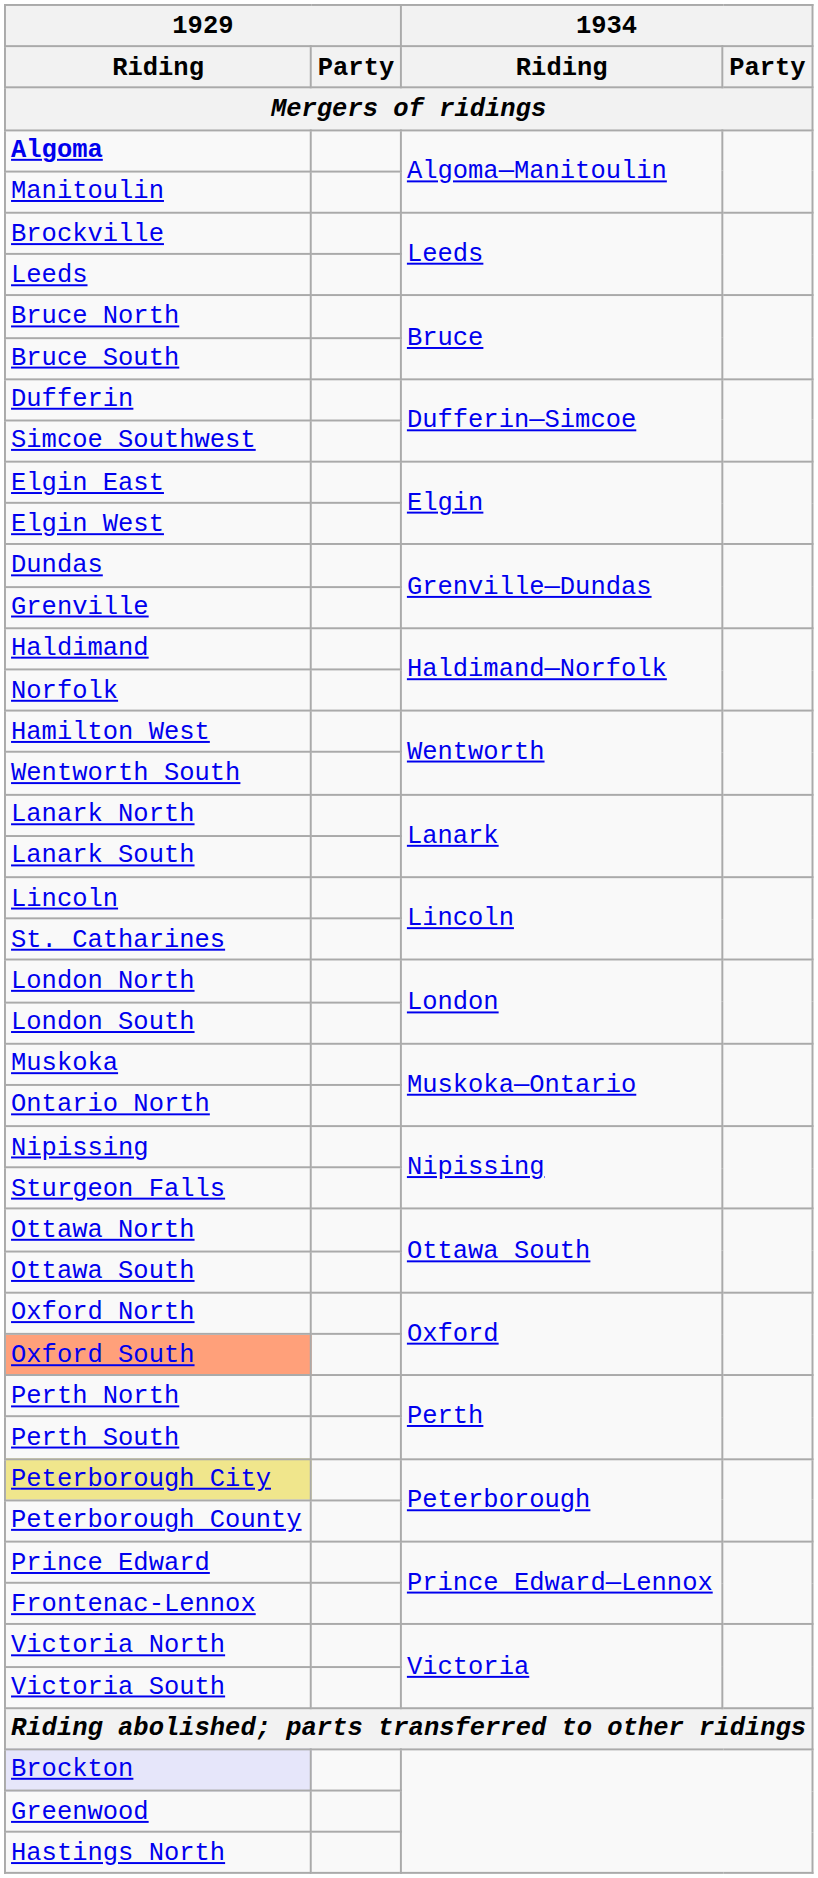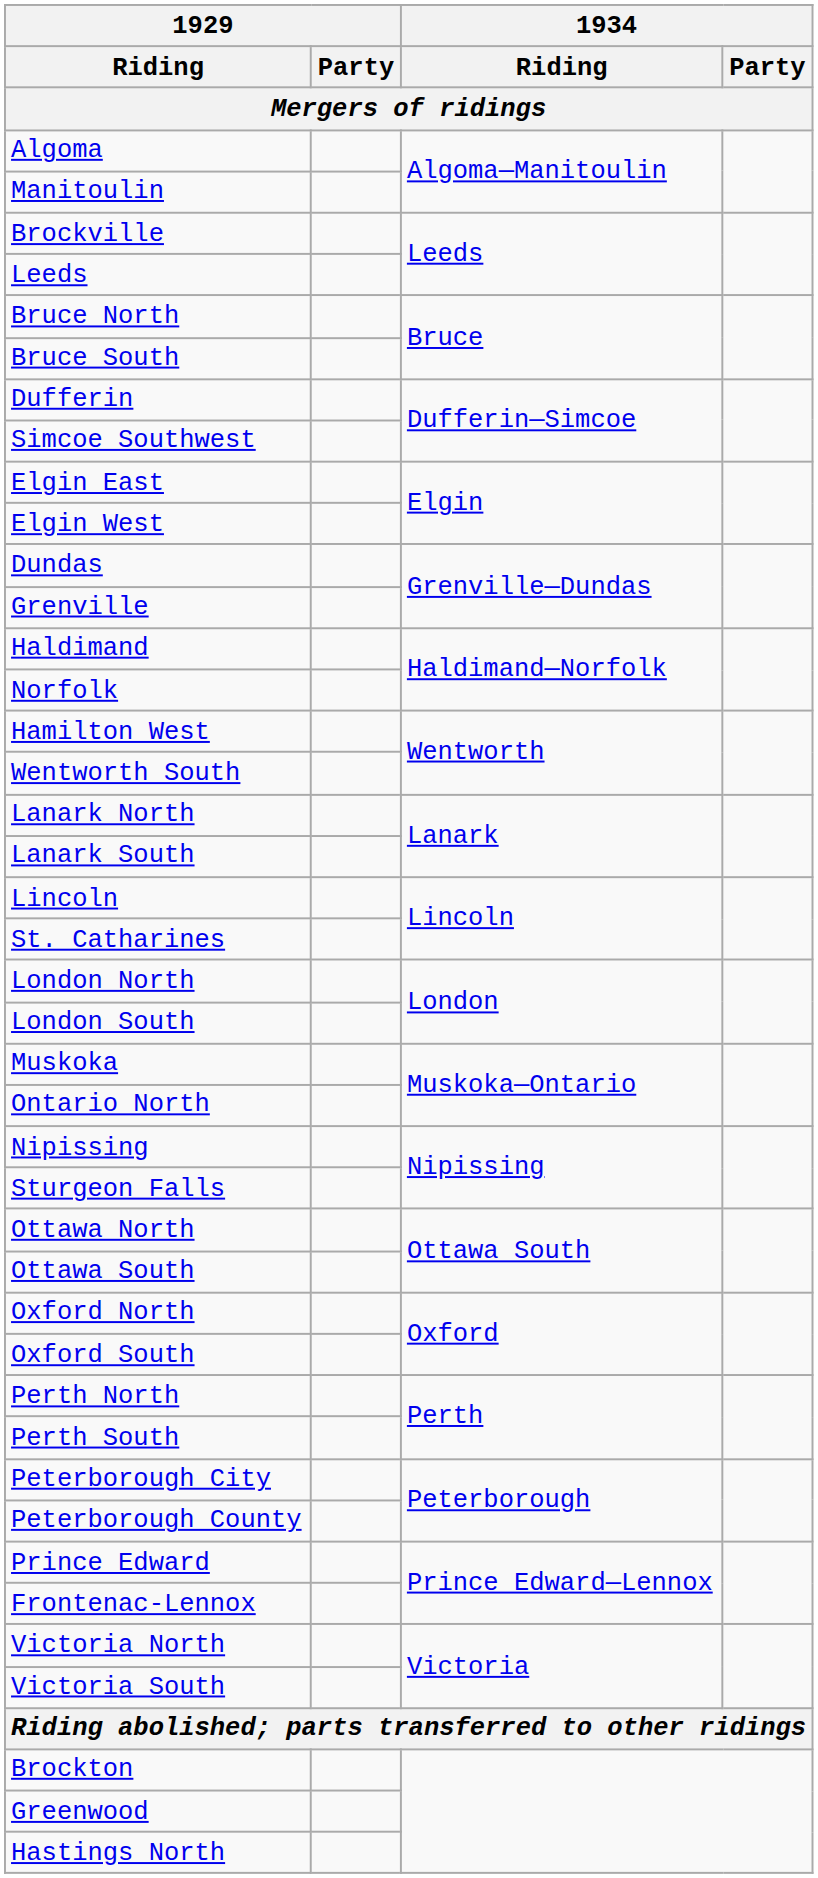 <table class="wikitable">
 <tr>
 <th colspan="2">1929</th>
 <th colspan="3">1934</th>
 </tr>
 <tr>
 <th>Riding</th>
 <th>Party</th>
 <th>Riding</th>
 <th>Party</th>
 </tr>
 <tr>
 <th colspan="4"><em>Mergers of ridings</em></th>
 </tr>
 <tr>
-<td><strong><a href='#'>Algoma</a></strong></td>
+<td><a href='#'>Algoma</a></td>
 <td></td>
 <td rowspan="2"><a href='#'>Algoma—Manitoulin</a></td>
 <td rowspan="2"></td>
 </tr>
 <tr>
 <td><a href='#'>Manitoulin</a></td>
 <td></td>
 </tr>
 <tr>
 <td><a href='#'>Brockville</a></td>
 <td></td>
 <td rowspan="2"><a href='#'>Leeds</a></td>
 <td rowspan="2"></td>
 </tr>
 <tr>
 <td><a href='#'>Leeds</a></td>
 <td></td>
 </tr>
 <tr>
 <td><a href='#'>Bruce North</a></td>
 <td></td>
 <td rowspan="2"><a href='#'>Bruce</a></td>
 <td rowspan="2"></td>
 </tr>
 <tr>
 <td><a href='#'>Bruce South</a></td>
 <td></td>
 </tr>
 <tr>
 <td><a href='#'>Dufferin</a></td>
 <td></td>
 <td rowspan="2"><a href='#'>Dufferin—Simcoe</a></td>
 <td rowspan="2"></td>
 </tr>
 <tr>
 <td><a href='#'>Simcoe Southwest</a></td>
 <td></td>
 </tr>
 <tr>
 <td><a href='#'>Elgin East</a></td>
 <td></td>
 <td rowspan="2"><a href='#'>Elgin</a></td>
 <td rowspan="2"></td>
 </tr>
 <tr>
 <td><a href='#'>Elgin West</a></td>
 <td></td>
 </tr>
 <tr>
 <td><a href='#'>Dundas</a></td>
 <td></td>
 <td rowspan="2"><a href='#'>Grenville—Dundas</a></td>
 <td rowspan="2"></td>
 </tr>
 <tr>
 <td><a href='#'>Grenville</a></td>
 <td></td>
 </tr>
 <tr>
 <td><a href='#'>Haldimand</a></td>
 <td></td>
 <td rowspan="2"><a href='#'>Haldimand—Norfolk</a></td>
 <td rowspan="2"></td>
 </tr>
 <tr>
 <td><a href='#'>Norfolk</a></td>
 <td></td>
 </tr>
 <tr>
 <td><a href='#'>Hamilton West</a></td>
 <td></td>
 <td rowspan="2"><a href='#'>Wentworth</a></td>
 <td rowspan="2"></td>
 </tr>
 <tr>
 <td><a href='#'>Wentworth South</a></td>
 <td></td>
 </tr>
 <tr>
 <td><a href='#'>Lanark North</a></td>
 <td></td>
 <td rowspan="2"><a href='#'>Lanark</a></td>
 <td rowspan="2"></td>
 </tr>
 <tr>
 <td><a href='#'>Lanark South</a></td>
 <td></td>
 </tr>
 <tr>
 <td><a href='#'>Lincoln</a></td>
 <td></td>
 <td rowspan="2"><a href='#'>Lincoln</a></td>
 <td rowspan="2"></td>
 </tr>
 <tr>
 <td><a href='#'>St. Catharines</a></td>
 <td></td>
 </tr>
 <tr>
 <td><a href='#'>London North</a></td>
 <td></td>
 <td rowspan="2"><a href='#'>London</a></td>
 <td rowspan="2"></td>
 </tr>
 <tr>
 <td><a href='#'>London South</a></td>
 <td></td>
 </tr>
 <tr>
 <td><a href='#'>Muskoka</a></td>
 <td></td>
 <td rowspan="2"><a href='#'>Muskoka—Ontario</a></td>
 <td rowspan="2"></td>
 </tr>
 <tr>
 <td><a href='#'>Ontario North</a></td>
 <td></td>
 </tr>
 <tr>
 <td><a href='#'>Nipissing</a></td>
 <td></td>
 <td rowspan="2"><a href='#'>Nipissing</a></td>
 <td rowspan="2"></td>
 </tr>
 <tr>
 <td><a href='#'>Sturgeon Falls</a></td>
 <td></td>
 </tr>
 <tr>
 <td><a href='#'>Ottawa North</a></td>
 <td></td>
 <td rowspan="2"><a href='#'>Ottawa South</a></td>
 <td rowspan="2"></td>
 </tr>
 <tr>
 <td><a href='#'>Ottawa South</a></td>
 <td></td>
 </tr>
 <tr>
 <td><a href='#'>Oxford North</a></td>
 <td></td>
 <td rowspan="2"><a href='#'>Oxford</a></td>
 <td rowspan="2"></td>
 </tr>
 <tr>
-<td style="background: lightsalmon;"><a href='#'>Oxford South</a></td>
+<td><a href='#'>Oxford South</a></td>
 <td></td>
 </tr>
 <tr>
 <td><a href='#'>Perth North</a></td>
 <td></td>
 <td rowspan="2"><a href='#'>Perth</a></td>
 <td rowspan="2"></td>
 </tr>
 <tr>
 <td><a href='#'>Perth South</a></td>
 <td></td>
 </tr>
 <tr>
-<td style="background: khaki;"><a href='#'>Peterborough City</a></td>
+<td><a href='#'>Peterborough City</a></td>
 <td></td>
 <td rowspan="2"><a href='#'>Peterborough</a></td>
 <td rowspan="2"></td>
 </tr>
 <tr>
 <td><a href='#'>Peterborough County</a></td>
 <td></td>
 </tr>
 <tr>
 <td><a href='#'>Prince Edward</a></td>
 <td></td>
 <td rowspan="2"><a href='#'>Prince Edward—Lennox</a></td>
 <td rowspan="2"></td>
 </tr>
 <tr>
 <td><a href='#'>Frontenac-Lennox</a></td>
 <td></td>
 </tr>
 <tr>
 <td><a href='#'>Victoria North</a></td>
 <td></td>
 <td rowspan="2"><a href='#'>Victoria</a></td>
 <td rowspan="2"></td>
 </tr>
 <tr>
 <td><a href='#'>Victoria South</a></td>
 <td></td>
 </tr>
 <tr>
 <th colspan="4"><em>Riding abolished; parts transferred to other ridings</em></th>
 </tr>
 <tr>
-<td style="background: lavender;"><a href='#'>Brockton</a></td>
+<td><a href='#'>Brockton</a></td>
 <td></td>
 <td rowspan="3" colspan="2"></td>
 </tr>
 <tr>
 <td><a href='#'>Greenwood</a></td>
 <td></td>
 </tr>
 <tr>
 <td><a href='#'>Hastings North</a></td>
 <td></td>
 </tr>
 </table>
